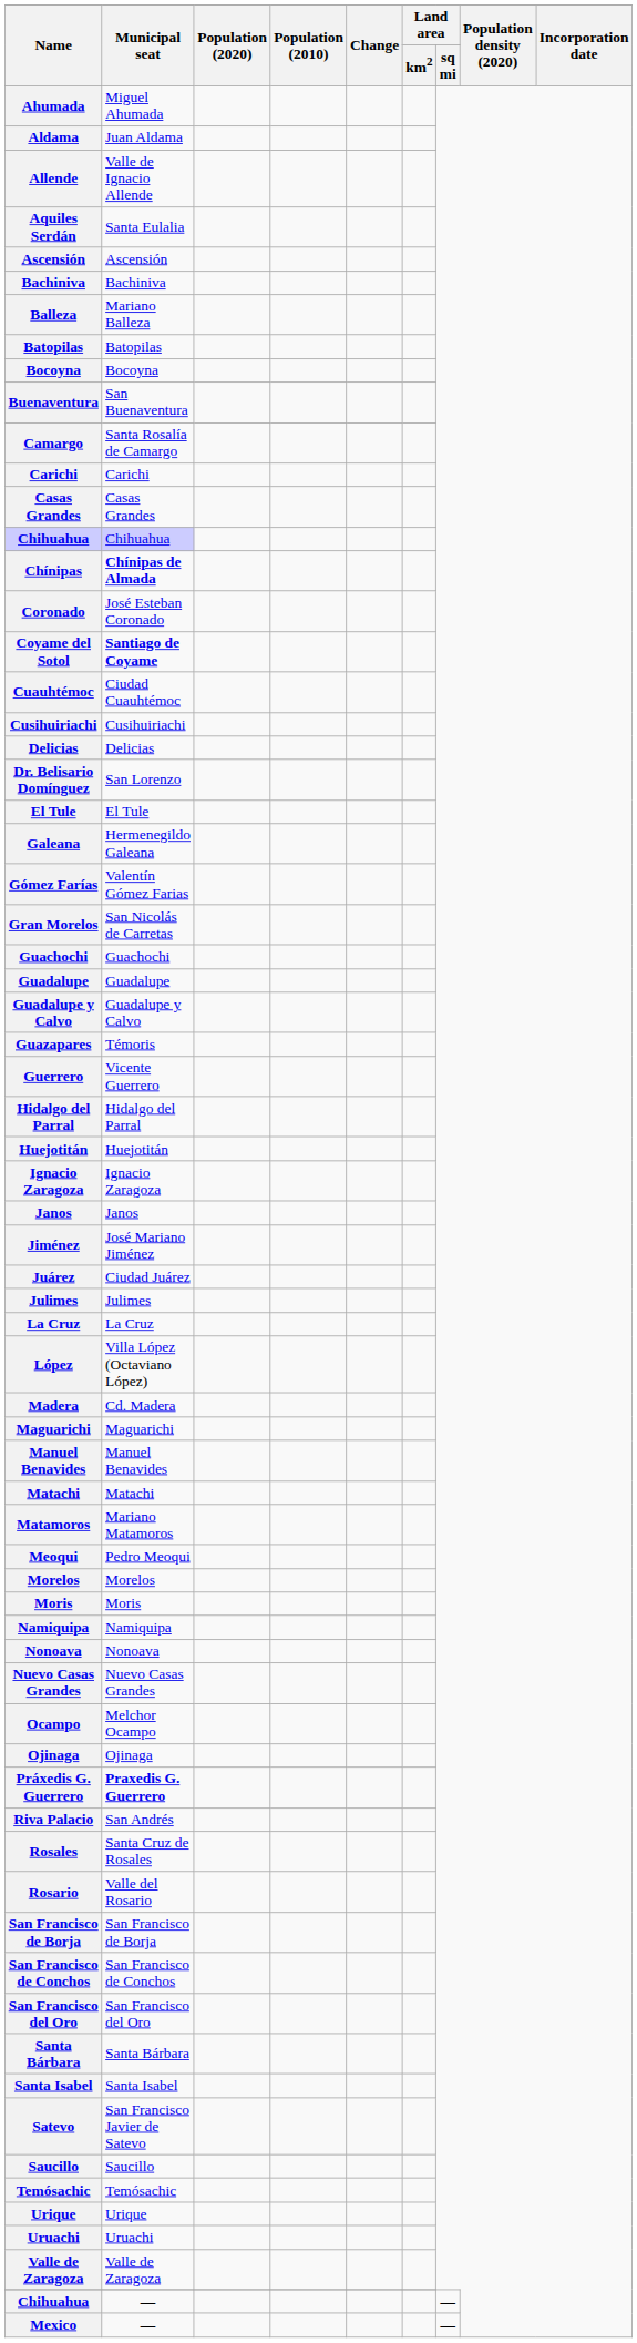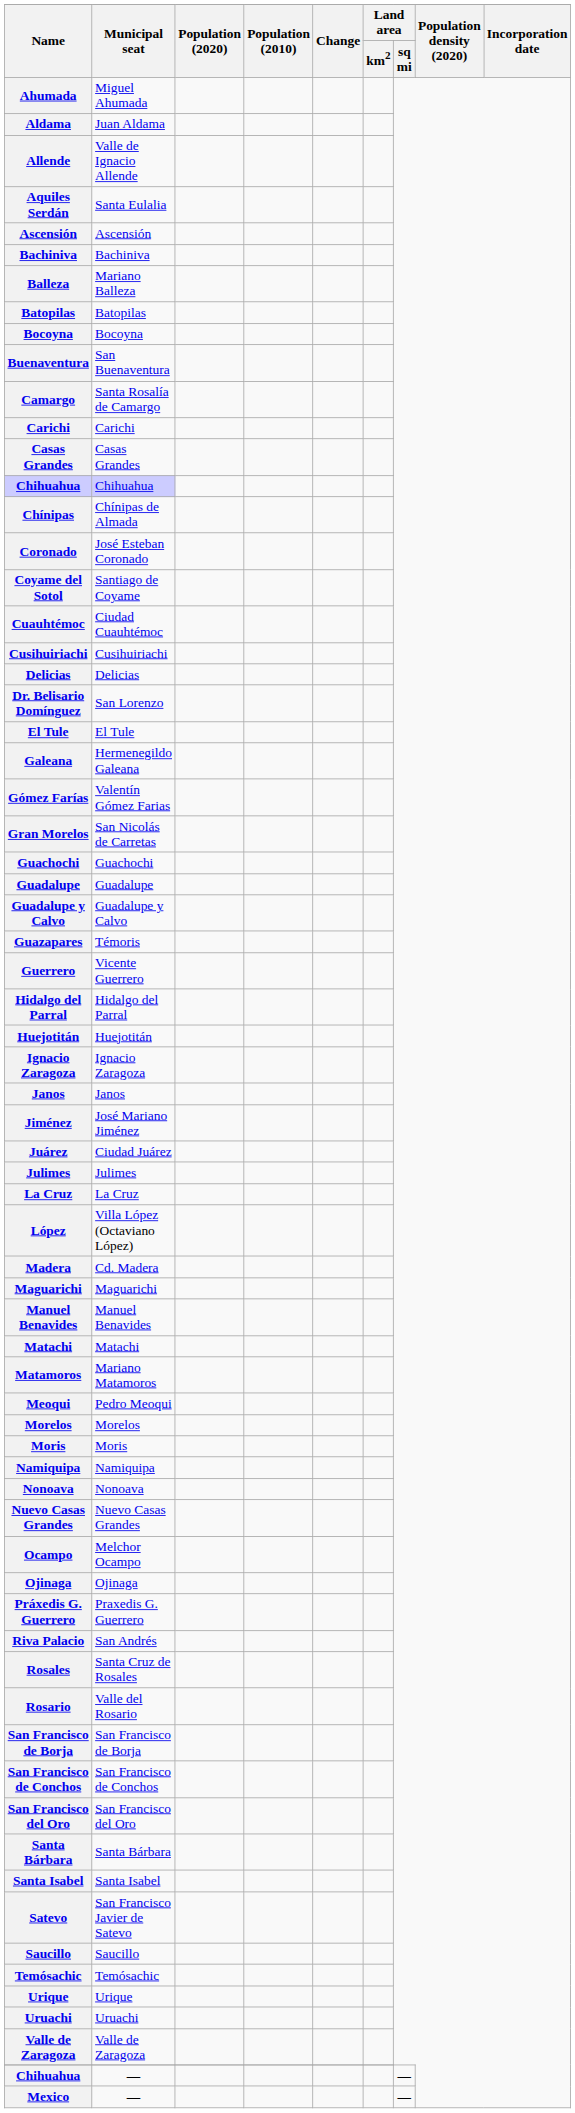 <table class="wikitable sortable" style="text-align:right;">
 <tr>
 </tr>
 <tr>
 <th scope="col"  rowspan=2>Name</th>
 <th scope="col"  rowspan=2>Municipal seat</th>
 <th scope="col"  rowspan=2>Population<br>(2020)</th>
 <th scope="col"  rowspan=2>Population<br>(2010)</th>
 <th scope="col"  rowspan=2>Change</th>
 <th scope="col" data-sort-type="number"  colspan=2>Land area</th>
 <th scope="col" data-sort-type="number"  rowspan=2>Population density<br>(2020)</th>
 <th scope="col"  rowspan=2>Incorporation date</th>
 </tr>
 <tr>
 <th scope="col">km<sup>2</sup></th>
 <th scope="col">sq mi</th>
 </tr>
 <tr>
 <th scope="row" align="left"><a href='#'>Ahumada</a></th>
 <td align=left><a href='#'>Miguel Ahumada</a></td>
 <td></td>
 <td></td>
 <td></td>
 <td></td>
 </tr>
 <tr>
 <th scope="row" align="left"><a href='#'>Aldama</a></th>
 <td align=left><a href='#'>Juan Aldama</a></td>
 <td></td>
 <td></td>
 <td></td>
 <td></td>
 </tr>
 <tr>
 <th scope="row" align="left"><a href='#'>Allende</a></th>
 <td align=left><a href='#'>Valle de Ignacio Allende</a></td>
 <td></td>
 <td></td>
 <td></td>
 <td></td>
 </tr>
 <tr>
 <th scope="row" align="left"><a href='#'>Aquiles Serdán</a></th>
 <td align=left><a href='#'>Santa Eulalia</a></td>
 <td></td>
 <td></td>
 <td></td>
 <td></td>
 </tr>
 <tr>
 <th scope="row" align="left"><a href='#'>Ascensión</a></th>
 <td align=left><a href='#'>Ascensión</a></td>
 <td></td>
 <td></td>
 <td></td>
 <td></td>
 </tr>
 <tr>
 <th scope="row" align="left"><a href='#'>Bachiniva</a></th>
 <td align=left><a href='#'>Bachiniva</a></td>
 <td></td>
 <td></td>
 <td></td>
 <td></td>
 </tr>
 <tr>
 <th scope="row" align="left"><a href='#'>Balleza</a></th>
 <td align=left><a href='#'>Mariano Balleza</a></td>
 <td></td>
 <td></td>
 <td></td>
 <td></td>
 </tr>
 <tr>
 <th scope="row" align="left"><a href='#'>Batopilas</a></th>
 <td align=left><a href='#'>Batopilas</a></td>
 <td></td>
 <td></td>
 <td></td>
 <td></td>
 </tr>
 <tr>
 <th scope="row" align="left"><a href='#'>Bocoyna</a></th>
 <td align=left><a href='#'>Bocoyna</a></td>
 <td></td>
 <td></td>
 <td></td>
 <td></td>
 </tr>
 <tr>
 <th scope="row" align="left"><a href='#'>Buenaventura</a></th>
 <td align=left><a href='#'>San Buenaventura</a></td>
 <td></td>
 <td></td>
 <td></td>
 <td></td>
 </tr>
 <tr>
 <th scope="row" align="left"><a href='#'>Camargo</a></th>
 <td align=left><a href='#'>Santa Rosalía de Camargo</a></td>
 <td></td>
 <td></td>
 <td></td>
 <td></td>
 </tr>
 <tr>
 <th scope="row" align="left"><a href='#'>Carichi</a></th>
 <td align=left><a href='#'>Carichi</a></td>
 <td></td>
 <td></td>
 <td></td>
 <td></td>
 </tr>
 <tr>
 <th scope="row" align="left"><a href='#'>Casas Grandes</a></th>
 <td align=left><a href='#'>Casas Grandes</a></td>
 <td></td>
 <td></td>
 <td></td>
 <td></td>
 </tr>
 <tr>
 <th scope="row" align="left" style="background:#CCF;"><a href='#'>Chihuahua</a></th>
 <td align=left style="background:#CCF;"><a href='#'>Chihuahua</a></td>
 <td></td>
 <td></td>
 <td></td>
 <td></td>
 </tr>
 <tr>
 <th scope="row" align="left"><a href='#'>Chínipas</a></th>
-<td align=left><strong><a href='#'>Chínipas de Almada</a></strong></td>
+<td align=left><a href='#'>Chínipas de Almada</a></td>
 <td></td>
 <td></td>
 <td></td>
 <td></td>
 </tr>
 <tr>
 <th scope="row" align="left"><a href='#'>Coronado</a></th>
 <td align=left><a href='#'>José Esteban Coronado</a></td>
 <td></td>
 <td></td>
 <td></td>
 <td></td>
 </tr>
 <tr>
 <th scope="row" align="left"><a href='#'>Coyame del Sotol</a></th>
-<td align=left><strong><a href='#'>Santiago de Coyame</a></strong></td>
+<td align=left><a href='#'>Santiago de Coyame</a></td>
 <td></td>
 <td></td>
 <td></td>
 <td></td>
 </tr>
 <tr>
 <th scope="row" align="left"><a href='#'>Cuauhtémoc</a></th>
 <td align="left"><a href='#'>Ciudad Cuauhtémoc</a></td>
 <td></td>
 <td></td>
 <td></td>
 <td></td>
 </tr>
 <tr>
 <th scope="row" align="left"><a href='#'>Cusihuiriachi</a></th>
 <td align="left"><a href='#'>Cusihuiriachi</a></td>
 <td></td>
 <td></td>
 <td></td>
 <td></td>
 </tr>
 <tr>
 <th scope="row" align="left"><a href='#'>Delicias</a></th>
 <td align="left"><a href='#'>Delicias</a></td>
 <td></td>
 <td></td>
 <td></td>
 <td></td>
 </tr>
 <tr>
 <th scope="row" align="left"><a href='#'>Dr. Belisario Domínguez</a></th>
 <td align="left"><a href='#'>San Lorenzo</a></td>
 <td></td>
 <td></td>
 <td></td>
 <td></td>
 </tr>
 <tr>
 <th scope="row" align="left"><a href='#'>El Tule</a></th>
 <td align="left"><a href='#'>El Tule</a></td>
 <td></td>
 <td></td>
 <td></td>
 <td></td>
 </tr>
 <tr>
 <th scope="row" align="left"><a href='#'>Galeana</a></th>
 <td align="left"><a href='#'>Hermenegildo Galeana</a></td>
 <td></td>
 <td></td>
 <td></td>
 <td></td>
 </tr>
 <tr>
 <th scope="row" align="left"><a href='#'>Gómez Farías</a></th>
 <td align="left"><a href='#'>Valentín Gómez Farias</a></td>
 <td></td>
 <td></td>
 <td></td>
 <td></td>
 </tr>
 <tr>
 <th scope="row" align="left"><a href='#'>Gran Morelos</a></th>
 <td align="left"><a href='#'>San Nicolás de Carretas</a></td>
 <td></td>
 <td></td>
 <td></td>
 <td></td>
 </tr>
 <tr>
 <th scope="row" align="left"><a href='#'>Guachochi</a></th>
 <td align="left"><a href='#'>Guachochi</a></td>
 <td></td>
 <td></td>
 <td></td>
 <td></td>
 </tr>
 <tr>
 <th scope="row" align="left"><a href='#'>Guadalupe</a></th>
 <td align="left"><a href='#'>Guadalupe</a></td>
 <td></td>
 <td></td>
 <td></td>
 <td></td>
 </tr>
 <tr>
 <th scope="row" align="left"><a href='#'>Guadalupe y Calvo</a></th>
 <td align="left"><a href='#'>Guadalupe y Calvo</a></td>
 <td></td>
 <td></td>
 <td></td>
 <td></td>
 </tr>
 <tr>
 <th scope="row" align="left"><a href='#'>Guazapares</a></th>
 <td align="left"><a href='#'>Témoris</a></td>
 <td></td>
 <td></td>
 <td></td>
 <td></td>
 </tr>
 <tr>
 <th scope="row" align="left"><a href='#'>Guerrero</a></th>
 <td align="left"><a href='#'>Vicente Guerrero</a></td>
 <td></td>
 <td></td>
 <td></td>
 <td></td>
 </tr>
 <tr>
 <th scope="row" align="left"><a href='#'>Hidalgo del Parral</a></th>
 <td align="left"><a href='#'>Hidalgo del Parral</a></td>
 <td></td>
 <td></td>
 <td></td>
 <td></td>
 </tr>
 <tr>
 <th scope="row" align="left"><a href='#'>Huejotitán</a></th>
 <td align="left"><a href='#'>Huejotitán</a></td>
 <td></td>
 <td></td>
 <td></td>
 <td></td>
 </tr>
 <tr>
 <th scope="row" align="left"><a href='#'>Ignacio Zaragoza</a></th>
 <td align="left"><a href='#'>Ignacio Zaragoza</a></td>
 <td></td>
 <td></td>
 <td></td>
 <td></td>
 </tr>
 <tr>
 <th scope="row" align="left"><a href='#'>Janos</a></th>
 <td align="left"><a href='#'>Janos</a></td>
 <td></td>
 <td></td>
 <td></td>
 <td></td>
 </tr>
 <tr>
 <th scope="row" align="left"><a href='#'>Jiménez</a></th>
 <td align="left"><a href='#'>José Mariano Jiménez</a></td>
 <td></td>
 <td></td>
 <td></td>
 <td></td>
 </tr>
 <tr>
 <th scope="row" align="left"><a href='#'>Juárez</a></th>
 <td align="left"><a href='#'>Ciudad Juárez</a></td>
 <td></td>
 <td></td>
 <td></td>
 <td></td>
 </tr>
 <tr>
 <th scope="row" align="left"><a href='#'>Julimes</a></th>
 <td align="left"><a href='#'>Julimes</a></td>
 <td></td>
 <td></td>
 <td></td>
 <td></td>
 </tr>
 <tr>
 <th scope="row" align="left"><a href='#'>La Cruz</a></th>
 <td align=left><a href='#'>La Cruz</a></td>
 <td></td>
 <td></td>
 <td></td>
 <td></td>
 </tr>
 <tr>
 <th scope="row" align="left"><a href='#'>López</a></th>
 <td align=left><a href='#'>Villa López</a> (Octaviano López)</td>
 <td></td>
 <td></td>
 <td></td>
 <td></td>
 </tr>
 <tr>
 <th scope="row" align="left"><a href='#'>Madera</a></th>
 <td align=left><a href='#'>Cd. Madera</a></td>
 <td></td>
 <td></td>
 <td></td>
 <td></td>
 </tr>
 <tr>
 <th scope="row" align="left"><a href='#'>Maguarichi</a></th>
 <td align=left><a href='#'>Maguarichi</a></td>
 <td></td>
 <td></td>
 <td></td>
 <td></td>
 </tr>
 <tr>
 <th scope="row" align="left"><a href='#'>Manuel Benavides</a></th>
 <td align=left><a href='#'>Manuel Benavides</a></td>
 <td></td>
 <td></td>
 <td></td>
 <td></td>
 </tr>
 <tr>
 <th scope="row" align="left"><a href='#'>Matachi</a></th>
 <td align=left><a href='#'>Matachi</a></td>
 <td></td>
 <td></td>
 <td></td>
 <td></td>
 </tr>
 <tr>
 <th scope="row" align="left"><a href='#'>Matamoros</a></th>
 <td align=left><a href='#'>Mariano Matamoros</a></td>
 <td></td>
 <td></td>
 <td></td>
 <td></td>
 </tr>
 <tr>
 <th scope="row" align="left"><a href='#'>Meoqui</a></th>
 <td align=left><a href='#'>Pedro Meoqui</a></td>
 <td></td>
 <td></td>
 <td></td>
 <td></td>
 </tr>
 <tr>
 <th scope="row" align="left"><a href='#'>Morelos</a></th>
 <td align=left><a href='#'>Morelos</a></td>
 <td></td>
 <td></td>
 <td></td>
 <td></td>
 </tr>
 <tr>
 <th scope="row" align="left"><a href='#'>Moris</a></th>
 <td align=left><a href='#'>Moris</a></td>
 <td></td>
 <td></td>
 <td></td>
 <td></td>
 </tr>
 <tr>
 <th scope="row" align="left"><a href='#'>Namiquipa</a></th>
 <td align=left><a href='#'>Namiquipa</a></td>
 <td></td>
 <td></td>
 <td></td>
 <td></td>
 </tr>
 <tr>
 <th scope="row" align="left"><a href='#'>Nonoava</a></th>
 <td align=left><a href='#'>Nonoava</a></td>
 <td></td>
 <td></td>
 <td></td>
 <td></td>
 </tr>
 <tr>
 <th scope="row" align="left"><a href='#'>Nuevo Casas Grandes</a></th>
 <td align=left><a href='#'>Nuevo Casas Grandes</a></td>
 <td></td>
 <td></td>
 <td></td>
 <td></td>
 </tr>
 <tr>
 <th scope="row" align="left"><a href='#'>Ocampo</a></th>
 <td align=left><a href='#'>Melchor Ocampo</a></td>
 <td></td>
 <td></td>
 <td></td>
 <td></td>
 </tr>
 <tr>
 <th scope="row" align="left"><a href='#'>Ojinaga</a></th>
 <td align=left><a href='#'>Ojinaga</a></td>
 <td></td>
 <td></td>
 <td></td>
 <td></td>
 </tr>
 <tr>
 <th scope="row" align="left"><a href='#'>Práxedis G. Guerrero</a></th>
-<td align=left><strong><a href='#'>Praxedis G. Guerrero</a></strong></td>
+<td align=left><a href='#'>Praxedis G. Guerrero</a></td>
 <td></td>
 <td></td>
 <td></td>
 <td></td>
 </tr>
 <tr>
 <th scope="row" align="left"><a href='#'>Riva Palacio</a></th>
 <td align=left><a href='#'>San Andrés</a></td>
 <td></td>
 <td></td>
 <td></td>
 <td></td>
 </tr>
 <tr>
 <th scope="row" align="left"><a href='#'>Rosales</a></th>
 <td align=left><a href='#'>Santa Cruz de Rosales</a></td>
 <td></td>
 <td></td>
 <td></td>
 <td></td>
 </tr>
 <tr>
 <th scope="row" align="left"><a href='#'>Rosario</a></th>
 <td align=left><a href='#'>Valle del Rosario</a></td>
 <td></td>
 <td></td>
 <td></td>
 <td></td>
 </tr>
 <tr>
 <th scope="row" align="left"><a href='#'>San Francisco de Borja</a></th>
 <td align=left><a href='#'>San Francisco de Borja</a></td>
 <td></td>
 <td></td>
 <td></td>
 <td></td>
 </tr>
 <tr>
 <th scope="row" align="left"><a href='#'>San Francisco de Conchos</a></th>
 <td align=left><a href='#'>San Francisco de Conchos</a></td>
 <td></td>
 <td></td>
 <td></td>
 <td></td>
 </tr>
 <tr>
 <th scope="row" align="left"><a href='#'>San Francisco del Oro</a></th>
 <td align=left><a href='#'>San Francisco del Oro</a></td>
 <td></td>
 <td></td>
 <td></td>
 <td></td>
 </tr>
 <tr>
 <th scope="row" align="left"><a href='#'>Santa Bárbara</a></th>
 <td align=left><a href='#'>Santa Bárbara</a></td>
 <td></td>
 <td></td>
 <td></td>
 <td></td>
 </tr>
 <tr>
 <th scope="row" align="left"><a href='#'>Santa Isabel</a></th>
 <td align=left><a href='#'>Santa Isabel</a></td>
 <td></td>
 <td></td>
 <td></td>
 <td></td>
 </tr>
 <tr>
 <th scope="row" align="left"><a href='#'>Satevo</a></th>
 <td align=left><a href='#'>San Francisco Javier de Satevo</a></td>
 <td></td>
 <td></td>
 <td></td>
 <td></td>
 </tr>
 <tr>
 <th scope="row" align="left"><a href='#'>Saucillo</a></th>
 <td align=left><a href='#'>Saucillo</a></td>
 <td></td>
 <td></td>
 <td></td>
 <td></td>
 </tr>
 <tr>
 <th scope="row" align="left"><a href='#'>Temósachic</a></th>
 <td align=left><a href='#'>Temósachic</a></td>
 <td></td>
 <td></td>
 <td></td>
 <td></td>
 </tr>
 <tr>
 <th scope="row" align="left"><a href='#'>Urique</a></th>
 <td align=left><a href='#'>Urique</a></td>
 <td></td>
 <td></td>
 <td></td>
 <td></td>
 </tr>
 <tr>
 <th scope="row" align="left"><a href='#'>Uruachi</a></th>
 <td align=left><a href='#'>Uruachi</a></td>
 <td></td>
 <td></td>
 <td></td>
 <td></td>
 </tr>
 <tr>
 <th scope="row" align="left"><a href='#'>Valle de Zaragoza</a></th>
 <td align=left><a href='#'>Valle de Zaragoza</a></td>
 <td></td>
 <td></td>
 <td></td>
 <td></td>
 </tr>
 <tr>
 </tr>
 <tr class="sortbottom" style="text-align:center;" style="background: #f2f2f2;">
 <th scope="row" align="left"><strong><a href='#'>Chihuahua</a></strong></th>
 <td><strong>—</strong></td>
 <td></td>
 <td><strong></strong></td>
 <td><strong></strong></td>
 <td align="right"><strong></strong></td>
 <td><strong>—</strong></td>
 </tr>
 <tr class="sortbottom" style="text-align:center;" style="background: #f2f2f2;">
 <th scope="row" align="left"><strong><a href='#'>Mexico</a></strong></th>
 <td><strong>—</strong></td>
 <td></td>
 <td><strong></strong></td>
 <td><strong></strong></td>
 <td align="right"><strong></strong></td>
 <td><strong>—</strong></td>
 </tr>
 </table>
